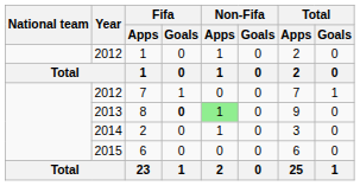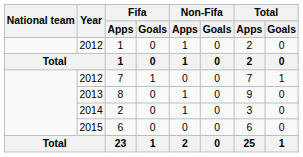 <table class="wikitable" style="text-align:center; font-size:90%;">
 <tr>
 <th rowspan="2">National team</th>
 <th rowspan="2">Year</th>
 <th colspan="2">Fifa</th>
 <th colspan="2">Non-Fifa</th>
 <th colspan="3">Total</th>
 </tr>
 <tr>
 <th>Apps</th>
 <th>Goals</th>
 <th>Apps</th>
 <th>Goals</th>
 <th>Apps</th>
 <th>Goals</th>
 </tr>
 <tr>
 <td rowspan="1" align="left"></td>
 <td>2012</td>
 <td>1</td>
 <td>0</td>
 <td>1</td>
 <td>0</td>
 <td>2</td>
 <td>0</td>
 </tr>
 <tr>
 <th colspan="2">Total</th>
 <th>1</th>
 <th>0</th>
 <th>1</th>
 <th>0</th>
 <th>2</th>
 <th>0</th>
 </tr>
 <tr>
 <td rowspan="4" align="left"></td>
 <td>2012</td>
 <td>7</td>
 <td>1</td>
 <td>0</td>
 <td>0</td>
 <td>7</td>
 <td>1</td>
 </tr>
 <tr>
 <td>2013</td>
 <td>8</td>
-<td><strong>0</strong></td>
-<td style="background: lightgreen;">1</td>
+<td>0</td>
+<td>1</td>
 <td>0</td>
 <td>9</td>
 <td>0</td>
 </tr>
 <tr>
 <td>2014</td>
 <td>2</td>
 <td>0</td>
 <td>1</td>
 <td>0</td>
 <td>3</td>
 <td>0</td>
 </tr>
 <tr>
 <td>2015</td>
 <td>6</td>
 <td>0</td>
 <td>0</td>
 <td>0</td>
 <td>6</td>
 <td>0</td>
 </tr>
 <tr>
 <th colspan="2">Total</th>
 <th>23</th>
 <th>1</th>
 <th>2</th>
 <th>0</th>
 <th>25</th>
 <th>1</th>
 </tr>
 </table>
